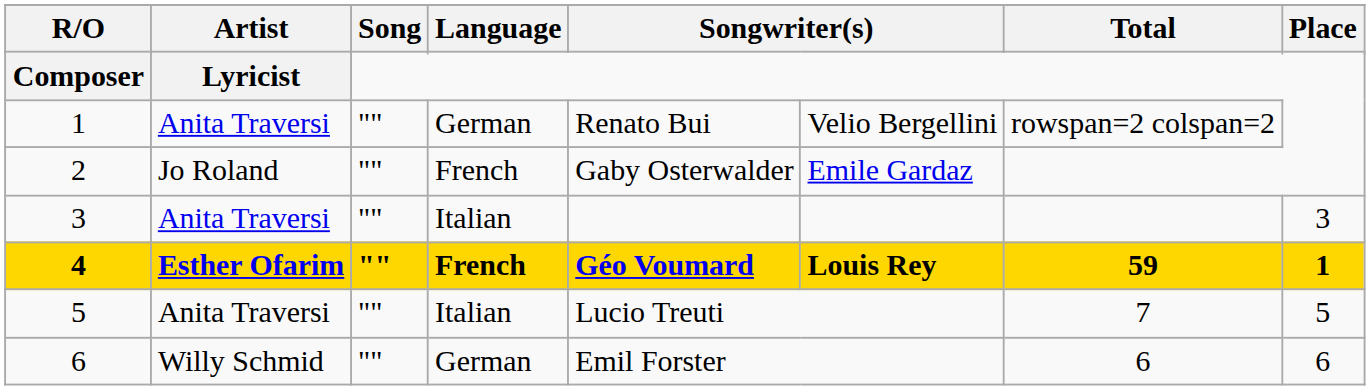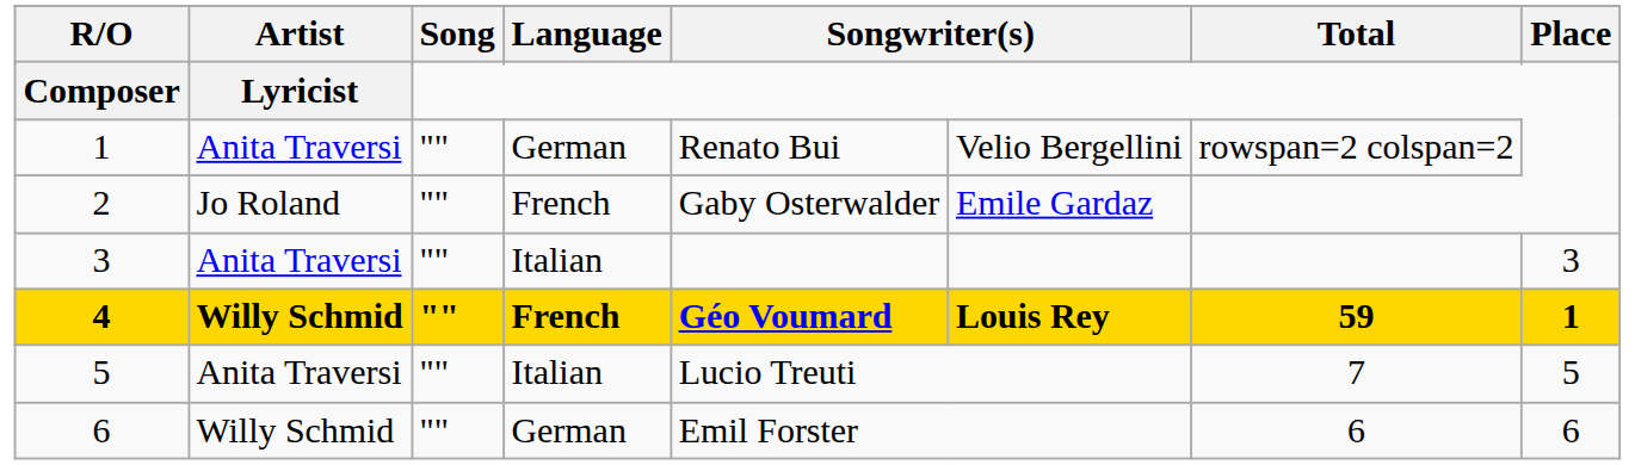 <table class="sortable wikitable" style="margin: 1em auto 1em auto; text-align:center">
 <tr>
 </tr>
 <tr>
 <th rowspan="2">R/O</th>
 <th rowspan="2">Artist</th>
 <th rowspan="2">Song</th>
 <th rowspan="2">Language</th>
 <th colspan="2">Songwriter(s)</th>
 <th rowspan="2">Total</th>
 <th rowspan="2">Place</th>
 </tr>
 <tr>
 </tr>
 <tr>
 <th>Composer</th>
 <th>Lyricist</th>
 </tr>
 <tr>
 <td>1</td>
 <td align="left"><a href='#'>Anita Traversi</a></td>
 <td align="left">""</td>
 <td align="left">German</td>
 <td align="left">Renato Bui</td>
 <td align="left">Velio Bergellini</td>
 <td>rowspan=2 colspan=2 </td>
 </tr>
 <tr>
 <td>2</td>
 <td align="left">Jo Roland</td>
 <td align="left">""</td>
 <td align="left">French</td>
 <td align="left">Gaby Osterwalder</td>
 <td align="left"><a href='#'>Emile Gardaz</a></td>
 </tr>
 <tr>
 <td>3</td>
 <td align="left"><a href='#'>Anita Traversi</a></td>
 <td align="left">""</td>
 <td align="left">Italian</td>
 <td align="left"></td>
 <td align="left"></td>
 <td></td>
 <td>3</td>
 </tr>
 <tr style="font-weight:bold; background:gold;">
 <td>4</td>
-<td align="left"><a href='#'>Esther Ofarim</a></td>
+<td align="left">Willy Schmid</td>
 <td align="left">""</td>
 <td align="left">French</td>
 <td align="left"><a href='#'>Géo Voumard</a></td>
 <td align="left">Louis Rey</td>
 <td>59</td>
 <td>1</td>
 </tr>
 <tr>
 <td>5</td>
 <td align="left">Anita Traversi</td>
 <td align="left">""</td>
 <td align="left">Italian</td>
 <td align="left" colspan="2">Lucio Treuti</td>
 <td>7</td>
 <td>5</td>
 </tr>
 <tr>
 <td>6</td>
 <td align="left">Willy Schmid</td>
 <td align="left">""</td>
 <td align="left">German</td>
 <td align="left" colspan="2">Emil Forster</td>
 <td>6</td>
 <td>6</td>
 </tr>
 </table>
